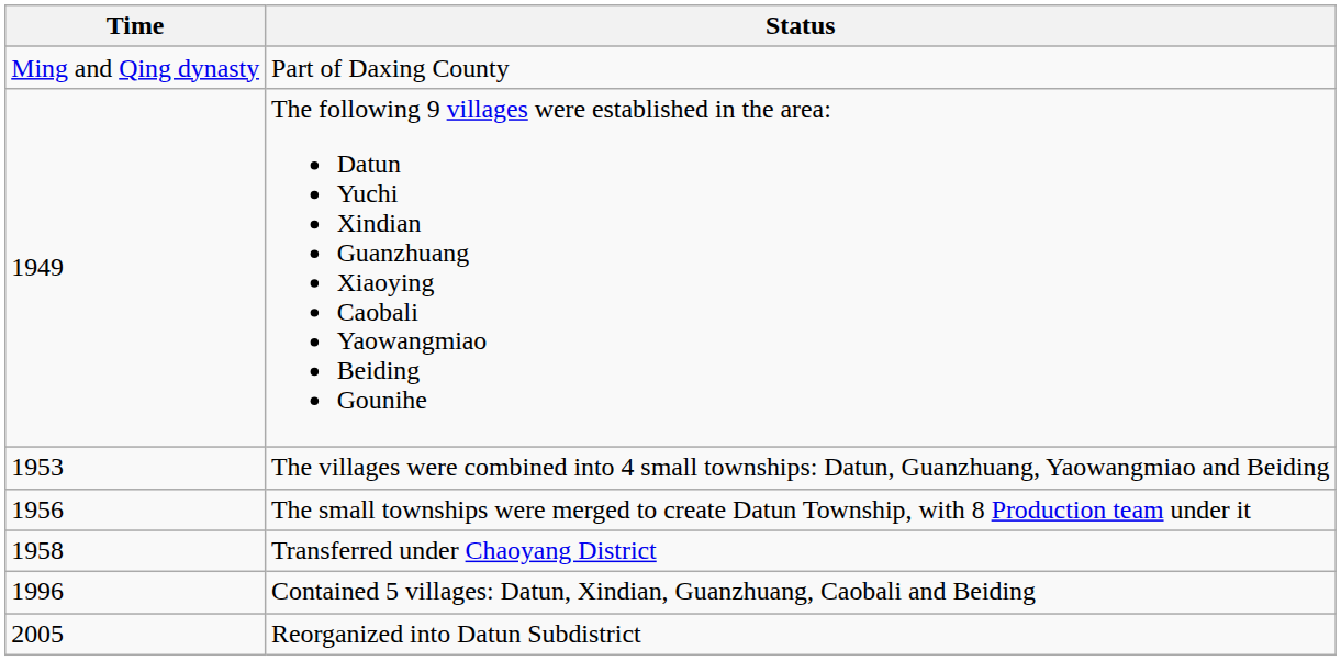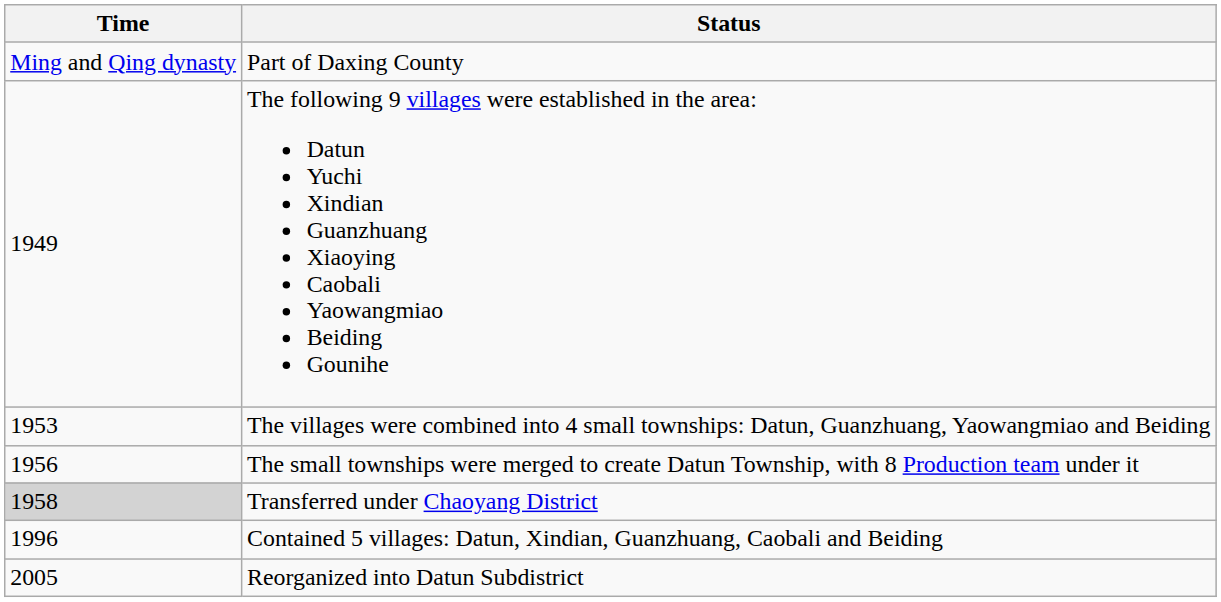 <table class="wikitable">
 <tr>
 <th>Time</th>
 <th>Status</th>
 </tr>
 <tr>
 <td><a href='#'>Ming</a> and <a href='#'>Qing dynasty</a></td>
 <td>Part of Daxing County</td>
 </tr>
 <tr>
 <td>1949</td>
 <td>The following 9 <a href='#'>villages</a> were established in the area:<br><ul><li>Datun</li><li>Yuchi</li><li>Xindian</li><li>Guanzhuang</li><li>Xiaoying</li><li>Caobali</li><li>Yaowangmiao</li><li>Beiding</li><li>Gounihe</li></ul></td>
 </tr>
 <tr>
 <td>1953</td>
 <td>The villages were combined into 4 small townships: Datun, Guanzhuang, Yaowangmiao and Beiding</td>
 </tr>
 <tr>
 <td>1956</td>
 <td>The small townships were merged to create Datun Township, with 8 <a href='#'>Production team</a> under it</td>
 </tr>
 <tr>
-<td>1958</td>
+<td style="background: lightgrey;">1958</td>
 <td>Transferred under <a href='#'>Chaoyang District</a></td>
 </tr>
 <tr>
 <td>1996</td>
 <td>Contained 5 villages: Datun, Xindian, Guanzhuang, Caobali and Beiding</td>
 </tr>
 <tr>
 <td>2005</td>
 <td>Reorganized into Datun Subdistrict</td>
 </tr>
 </table>
